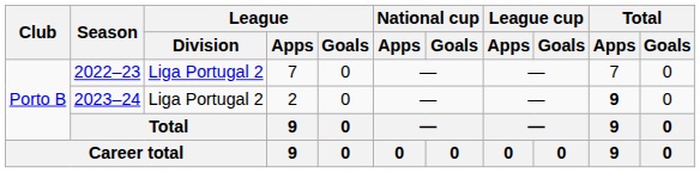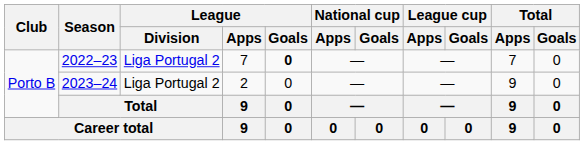 <table class="wikitable" style="text-align: center">
 <tr>
 <th rowspan="2">Club</th>
 <th rowspan="2">Season</th>
 <th colspan="3">League</th>
 <th colspan="2">National cup</th>
 <th colspan="2">League cup</th>
 <th colspan="2">Total</th>
 </tr>
 <tr>
 <th>Division</th>
 <th>Apps</th>
 <th>Goals</th>
 <th>Apps</th>
 <th>Goals</th>
 <th>Apps</th>
 <th>Goals</th>
 <th>Apps</th>
 <th>Goals</th>
 </tr>
 <tr>
 <td rowspan="3"><a href='#'>Porto B</a></td>
 <td><a href='#'>2022–23</a></td>
 <td><a href='#'>Liga Portugal 2</a></td>
 <td>7</td>
-<td>0</td>
+<td><strong>0</strong></td>
 <td colspan="2">—</td>
 <td colspan="2">—</td>
 <td>7</td>
 <td>0</td>
 </tr>
 <tr>
 <td><a href='#'>2023–24</a></td>
 <td>Liga Portugal 2</td>
 <td>2</td>
 <td>0</td>
 <td colspan="2">—</td>
 <td colspan="2">—</td>
-<td><strong>9</strong></td>
+<td>9</td>
 <td>0</td>
 </tr>
 <tr>
 <th colspan="2">Total</th>
 <th>9</th>
 <th>0</th>
 <th colspan="2">—</th>
 <th colspan="2">—</th>
 <th>9</th>
 <th>0</th>
 </tr>
 <tr>
 <th colspan="3">Career total</th>
 <th>9</th>
 <th>0</th>
 <th>0</th>
 <th>0</th>
 <th>0</th>
 <th>0</th>
 <th>9</th>
 <th>0</th>
 </tr>
 </table>
